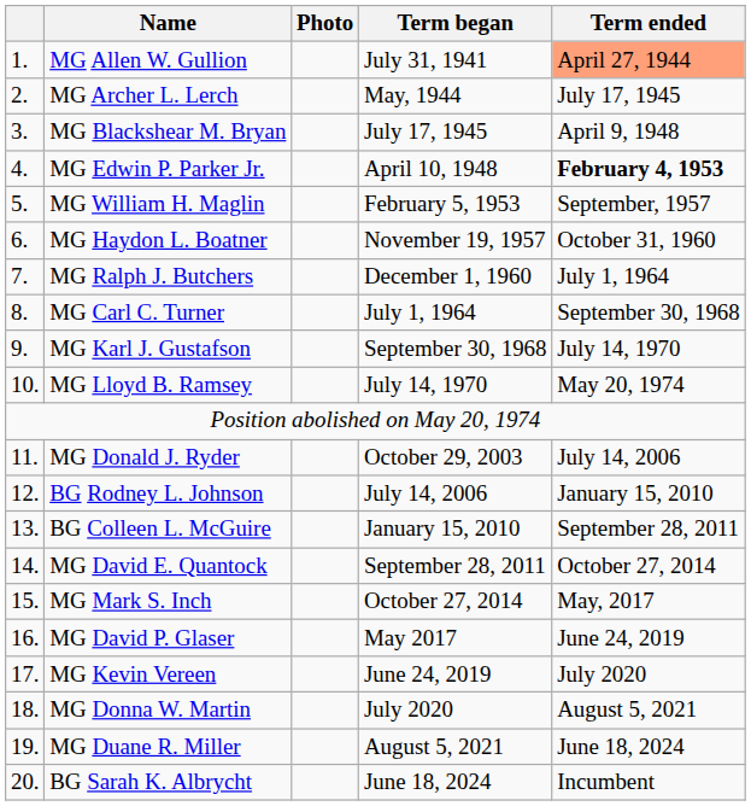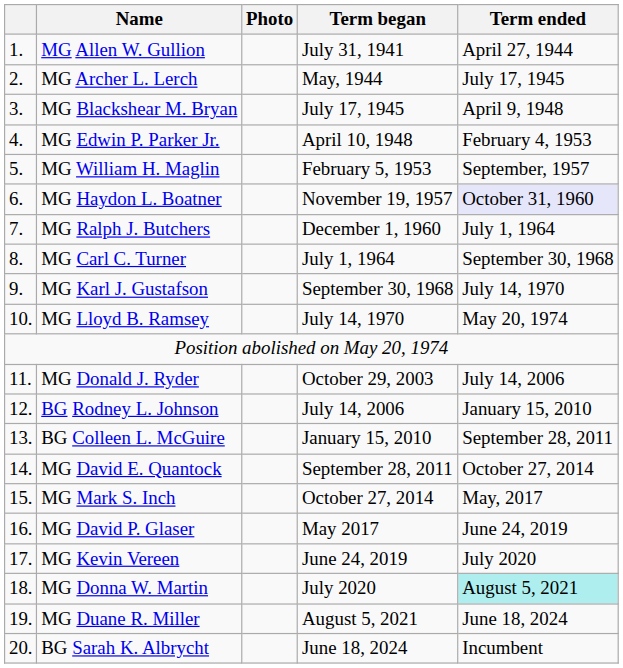 <table class="wikitable">
 <tr>
 <th></th>
 <th>Name</th>
 <th>Photo</th>
 <th>Term began</th>
 <th>Term ended</th>
 </tr>
 <tr>
 <td>1.</td>
 <td><a href='#'>MG</a> <a href='#'>Allen W. Gullion</a></td>
 <td></td>
 <td>July 31, 1941</td>
-<td style="background: lightsalmon;">April 27, 1944</td>
+<td>April 27, 1944</td>
 </tr>
 <tr>
 <td>2.</td>
 <td>MG <a href='#'>Archer L. Lerch</a></td>
 <td></td>
 <td>May, 1944</td>
 <td>July 17, 1945</td>
 </tr>
 <tr>
 <td>3.</td>
 <td>MG <a href='#'>Blackshear M. Bryan</a></td>
 <td></td>
 <td>July 17, 1945</td>
 <td>April 9, 1948</td>
 </tr>
 <tr>
 <td>4.</td>
 <td>MG <a href='#'>Edwin P. Parker Jr.</a></td>
 <td></td>
 <td>April 10, 1948</td>
-<td><strong>February 4, 1953</strong></td>
+<td>February 4, 1953</td>
 </tr>
 <tr>
 <td>5.</td>
 <td>MG <a href='#'>William H. Maglin</a></td>
 <td></td>
 <td>February 5, 1953</td>
 <td>September, 1957</td>
 </tr>
 <tr>
 <td>6.</td>
 <td>MG <a href='#'>Haydon L. Boatner</a></td>
 <td></td>
 <td>November 19, 1957</td>
-<td>October 31, 1960</td>
+<td style="background: lavender;">October 31, 1960</td>
 </tr>
 <tr>
 <td>7.</td>
 <td>MG <a href='#'>Ralph J. Butchers</a></td>
 <td></td>
 <td>December 1, 1960</td>
 <td>July 1, 1964</td>
 </tr>
 <tr>
 <td>8.</td>
 <td>MG <a href='#'>Carl C. Turner</a></td>
 <td></td>
 <td>July 1, 1964</td>
 <td>September 30, 1968</td>
 </tr>
 <tr>
 <td>9.</td>
 <td>MG <a href='#'>Karl J. Gustafson</a></td>
 <td></td>
 <td>September 30, 1968</td>
 <td>July 14, 1970</td>
 </tr>
 <tr>
 <td>10.</td>
 <td>MG <a href='#'>Lloyd B. Ramsey</a></td>
 <td></td>
 <td>July 14, 1970</td>
 <td>May 20, 1974</td>
 </tr>
 <tr>
 <td style="text-align:center;" colspan=5><em>Position abolished on May 20, 1974</em></td>
 </tr>
 <tr>
 <td>11.</td>
 <td>MG <a href='#'>Donald J. Ryder</a></td>
 <td></td>
 <td>October 29, 2003</td>
 <td>July 14, 2006</td>
 </tr>
 <tr>
 <td>12.</td>
 <td><a href='#'>BG</a> <a href='#'>Rodney L. Johnson</a></td>
 <td></td>
 <td>July 14, 2006</td>
 <td>January 15, 2010</td>
 </tr>
 <tr>
 <td>13.</td>
 <td>BG <a href='#'>Colleen L. McGuire</a></td>
 <td></td>
 <td>January 15, 2010</td>
 <td>September 28, 2011</td>
 </tr>
 <tr>
 <td>14.</td>
 <td>MG <a href='#'>David E. Quantock</a></td>
 <td></td>
 <td>September 28, 2011</td>
 <td>October 27, 2014</td>
 </tr>
 <tr>
 <td>15.</td>
 <td>MG <a href='#'>Mark S. Inch</a></td>
 <td></td>
 <td>October 27, 2014</td>
 <td>May, 2017</td>
 </tr>
 <tr>
 <td>16.</td>
 <td>MG <a href='#'>David P. Glaser</a></td>
 <td></td>
 <td>May 2017</td>
 <td>June 24, 2019</td>
 </tr>
 <tr>
 <td>17.</td>
 <td>MG <a href='#'>Kevin Vereen</a></td>
 <td></td>
 <td>June 24, 2019</td>
 <td>July 2020</td>
 </tr>
 <tr>
 <td>18.</td>
 <td>MG <a href='#'>Donna W. Martin</a></td>
 <td></td>
 <td>July 2020</td>
-<td>August 5, 2021</td>
+<td style="background: paleturquoise;">August 5, 2021</td>
 </tr>
 <tr>
 <td>19.</td>
 <td>MG <a href='#'>Duane R. Miller</a></td>
 <td></td>
 <td>August 5, 2021</td>
 <td>June 18, 2024</td>
 </tr>
 <tr>
 <td>20.</td>
 <td>BG <a href='#'>Sarah K. Albrycht</a></td>
 <td></td>
 <td>June 18, 2024</td>
 <td>Incumbent</td>
 </tr>
 </table>
